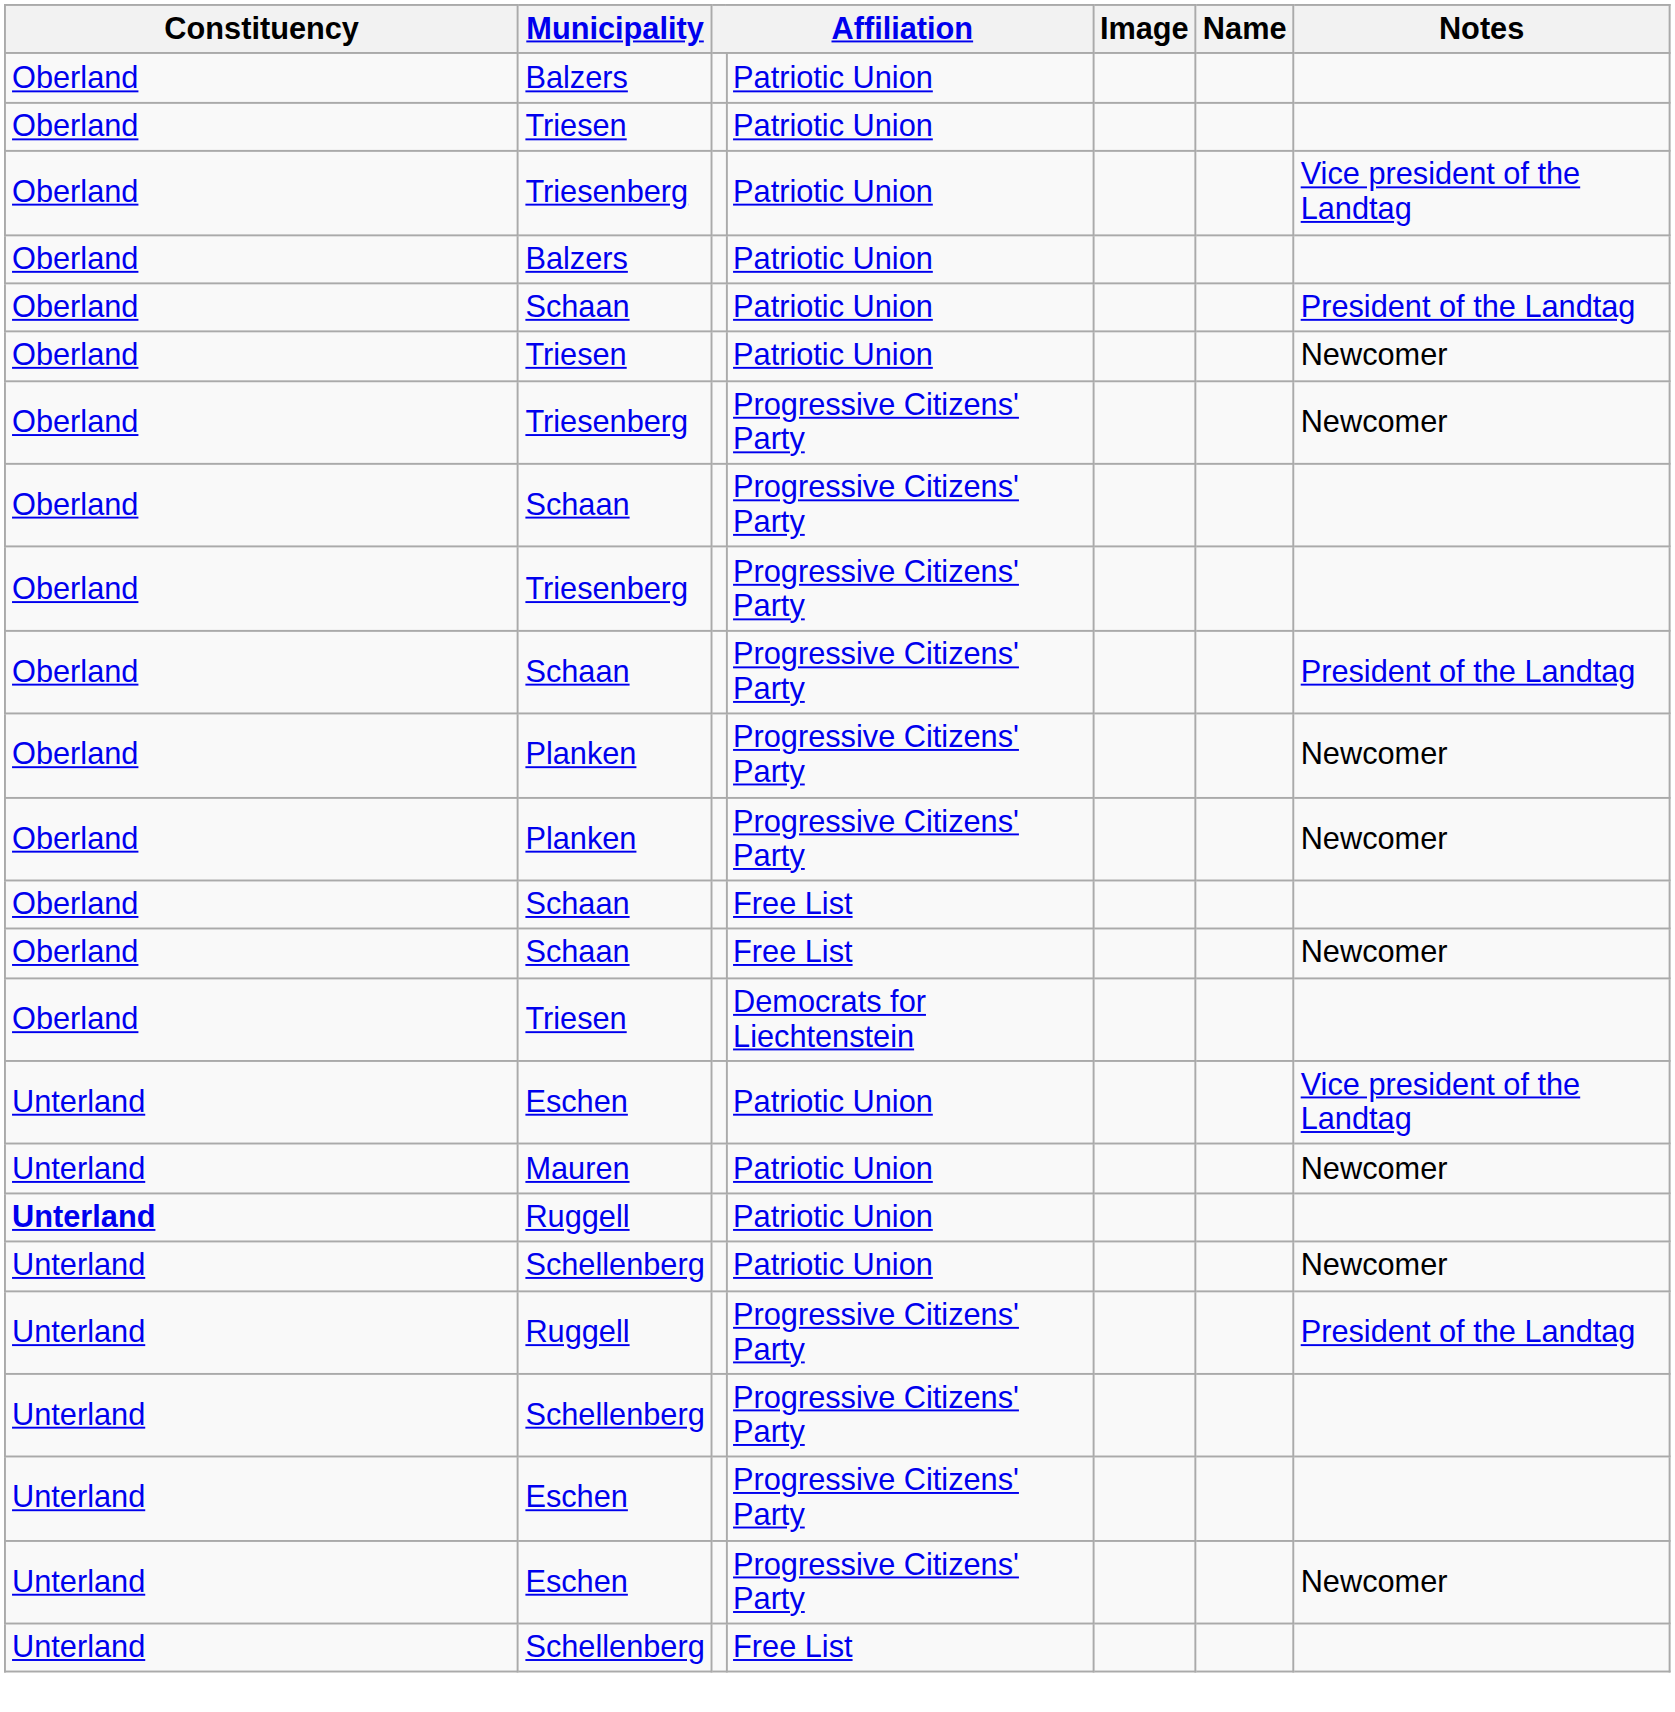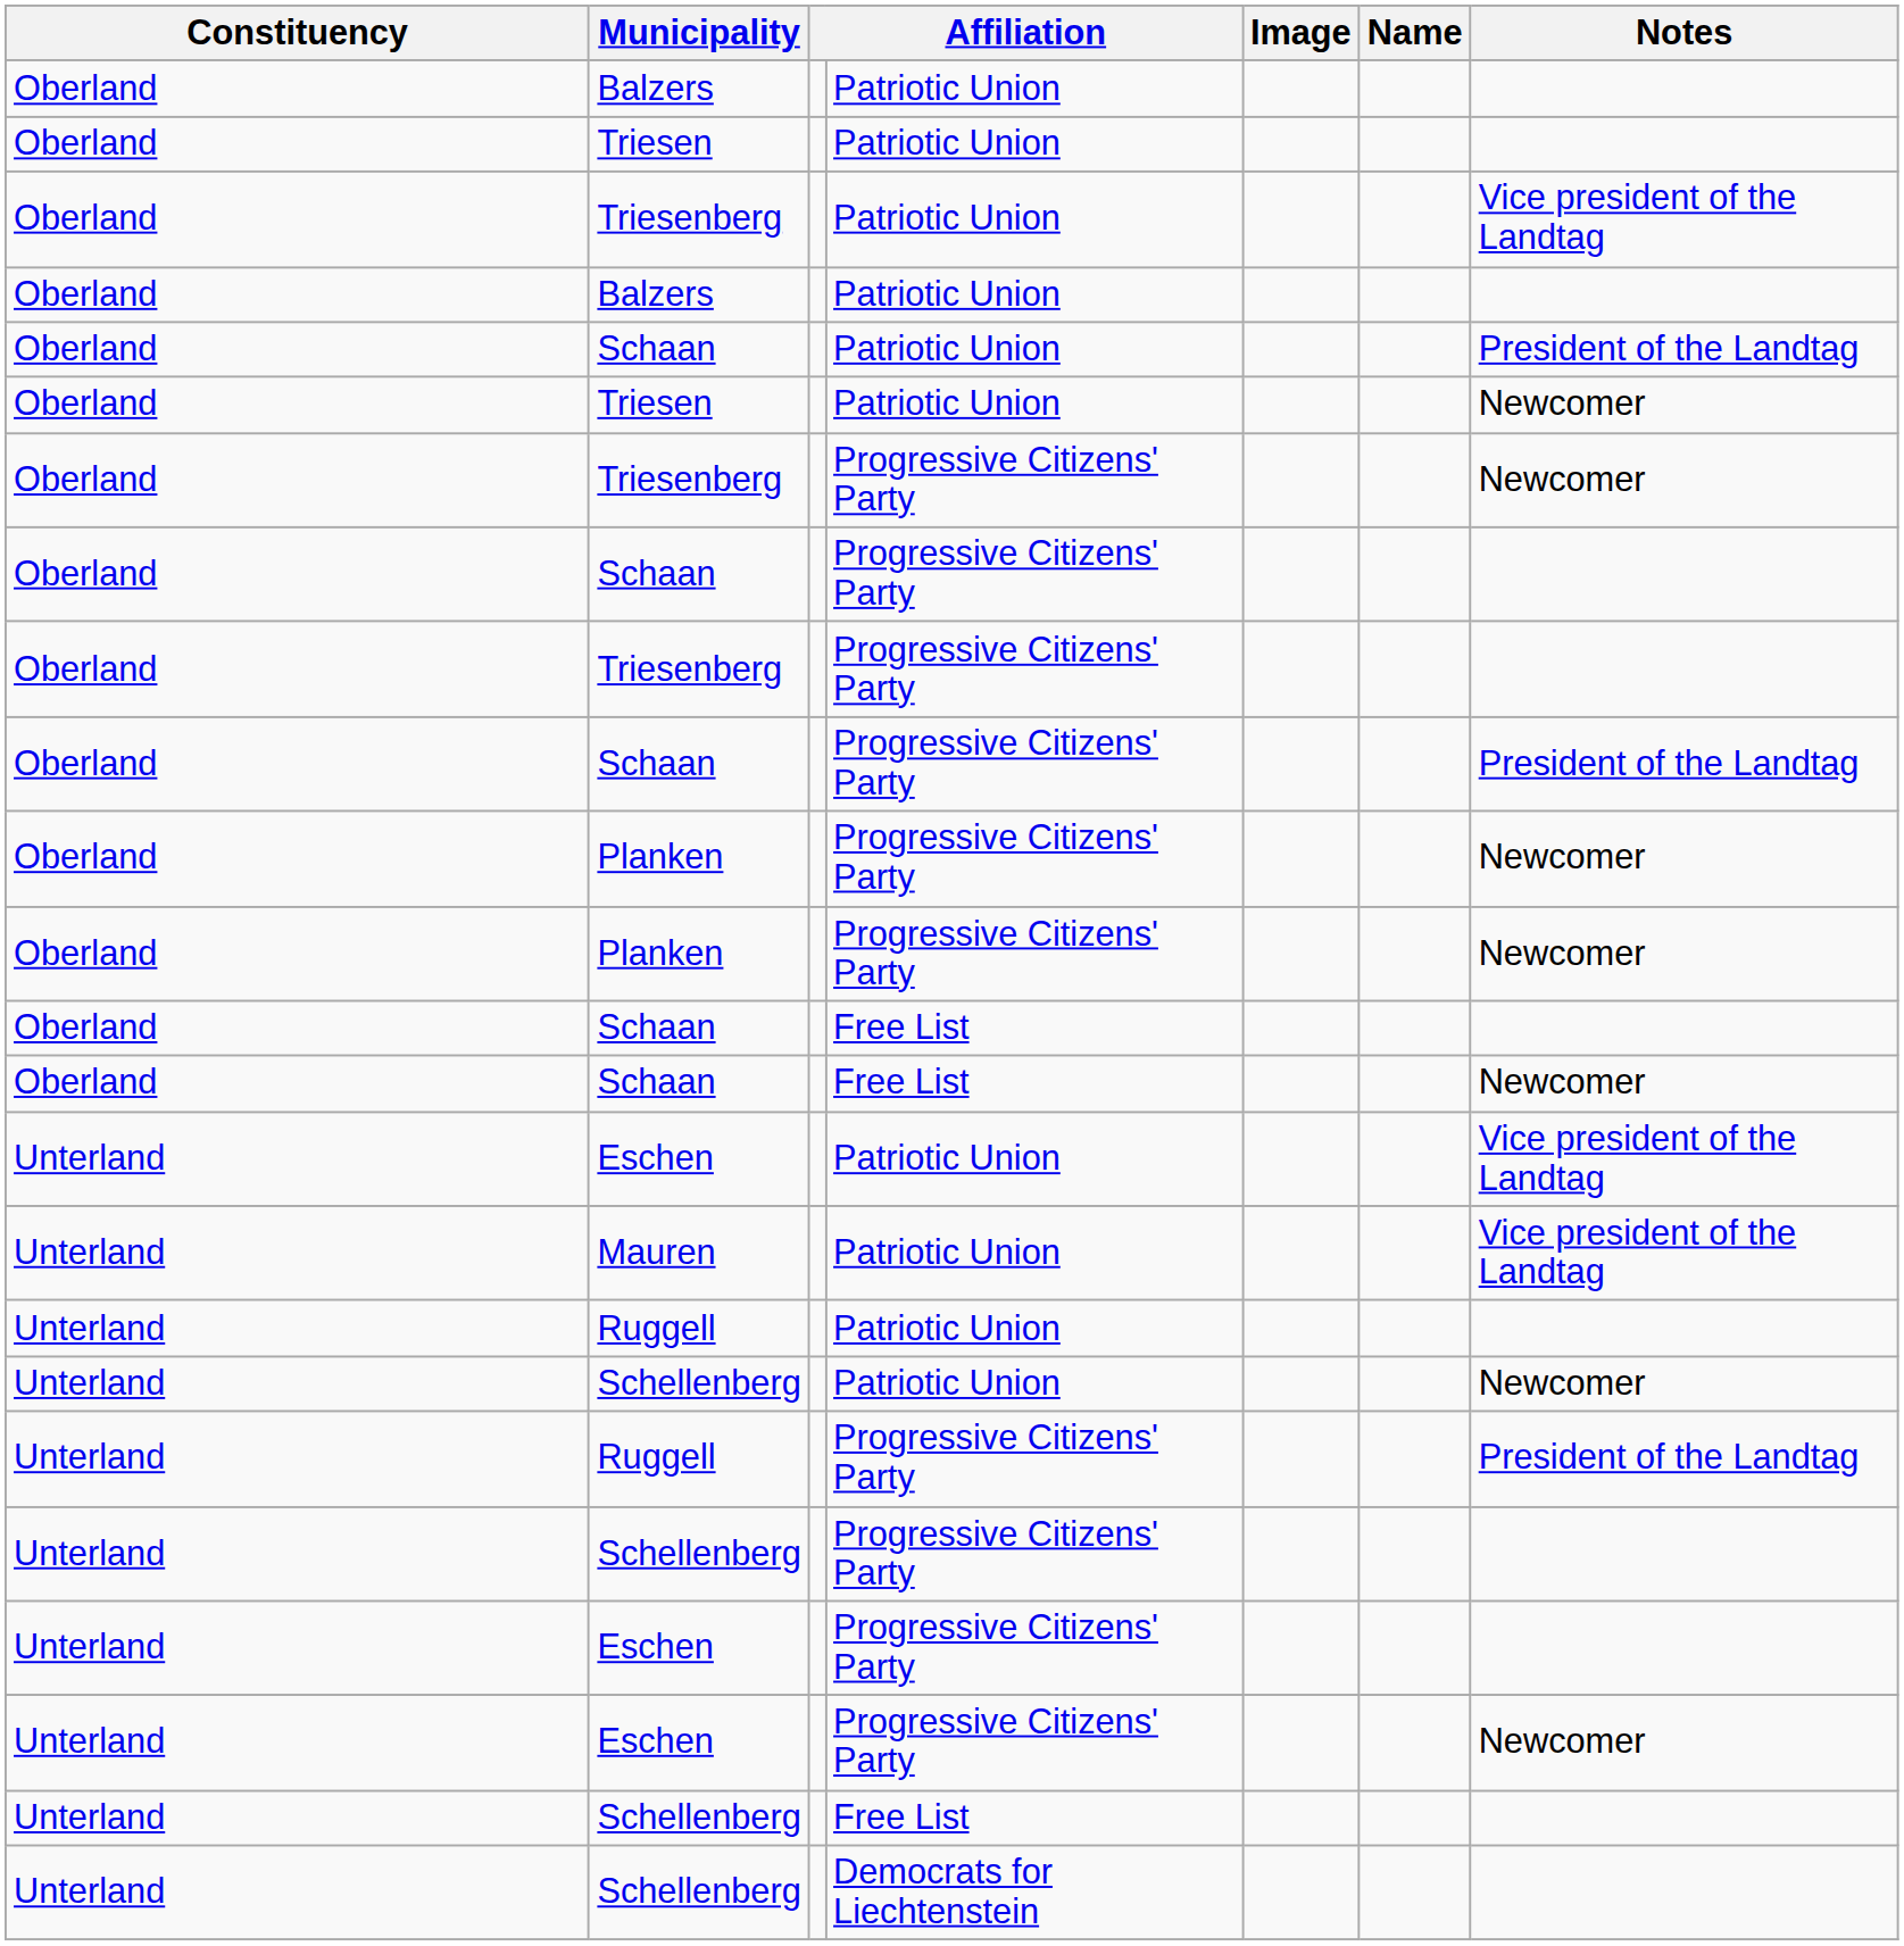 <table class="wikitable sortable" id="elected-mps">
 <tr>
 <th width="260px">Constituency</th>
 <th><a href='#'>Municipality</a></th>
 <th colspan="2"><a href='#'>Affiliation</a></th>
 <th>Image</th>
 <th>Name</th>
 <th>Notes</th>
 </tr>
 <tr>
 <td><a href='#'>Oberland</a></td>
 <td><a href='#'>Balzers</a></td>
 <td style="background-color: "></td>
 <td><a href='#'>Patriotic Union</a></td>
 <td></td>
 <td></td>
 <td></td>
 </tr>
 <tr>
 <td><a href='#'>Oberland</a></td>
 <td><a href='#'>Triesen</a></td>
 <td style="background-color: "></td>
 <td><a href='#'>Patriotic Union</a></td>
 <td></td>
 <td></td>
 <td></td>
 </tr>
 <tr>
 <td><a href='#'>Oberland</a></td>
 <td><a href='#'>Triesenberg</a></td>
 <td style="background-color: "></td>
 <td><a href='#'>Patriotic Union</a></td>
 <td></td>
 <td></td>
 <td><a href='#'>Vice president of the Landtag</a></td>
 </tr>
 <tr>
 <td><a href='#'>Oberland</a></td>
 <td><a href='#'>Balzers</a></td>
 <td style="background-color: "></td>
 <td><a href='#'>Patriotic Union</a></td>
 <td></td>
 <td></td>
 <td></td>
 </tr>
 <tr>
 <td><a href='#'>Oberland</a></td>
 <td><a href='#'>Schaan</a></td>
 <td style="background-color: "></td>
 <td><a href='#'>Patriotic Union</a></td>
 <td></td>
 <td></td>
 <td><a href='#'>President of the Landtag</a></td>
 </tr>
 <tr>
 <td><a href='#'>Oberland</a></td>
 <td><a href='#'>Triesen</a></td>
 <td style="background-color: "></td>
 <td><a href='#'>Patriotic Union</a></td>
 <td></td>
 <td></td>
 <td>Newcomer</td>
 </tr>
 <tr>
 <td><a href='#'>Oberland</a></td>
 <td><a href='#'>Triesenberg</a></td>
 <td style="background-color: "></td>
 <td><a href='#'>Progressive Citizens' Party</a></td>
 <td></td>
 <td></td>
 <td>Newcomer</td>
 </tr>
 <tr>
 <td><a href='#'>Oberland</a></td>
 <td><a href='#'>Schaan</a></td>
 <td style="background-color: "></td>
 <td><a href='#'>Progressive Citizens' Party</a></td>
 <td></td>
 <td></td>
 <td></td>
 </tr>
 <tr>
 <td><a href='#'>Oberland</a></td>
 <td><a href='#'>Triesenberg</a></td>
 <td style="background-color: "></td>
 <td><a href='#'>Progressive Citizens' Party</a></td>
 <td></td>
 <td></td>
 <td></td>
 </tr>
 <tr>
 <td><a href='#'>Oberland</a></td>
 <td><a href='#'>Schaan</a></td>
 <td style="background-color: "></td>
 <td><a href='#'>Progressive Citizens' Party</a></td>
 <td></td>
 <td></td>
 <td><a href='#'>President of the Landtag</a></td>
 </tr>
 <tr>
 <td><a href='#'>Oberland</a></td>
 <td><a href='#'>Planken</a></td>
 <td style="background-color: "></td>
 <td><a href='#'>Progressive Citizens' Party</a></td>
 <td></td>
 <td></td>
 <td>Newcomer</td>
 </tr>
 <tr>
 <td><a href='#'>Oberland</a></td>
 <td><a href='#'>Planken</a></td>
 <td style="background-color: "></td>
 <td><a href='#'>Progressive Citizens' Party</a></td>
 <td></td>
 <td></td>
 <td>Newcomer</td>
 </tr>
 <tr>
 <td><a href='#'>Oberland</a></td>
 <td><a href='#'>Schaan</a></td>
 <td style="background-color: "></td>
 <td><a href='#'>Free List</a></td>
 <td></td>
 <td></td>
 <td></td>
 </tr>
 <tr>
 <td><a href='#'>Oberland</a></td>
 <td><a href='#'>Schaan</a></td>
 <td style="background-color: "></td>
 <td><a href='#'>Free List</a></td>
 <td></td>
 <td></td>
 <td>Newcomer</td>
 </tr>
 <tr>
-<td><a href='#'>Oberland</a></td>
-<td><a href='#'>Triesen</a></td>
-<td style="background-color: "></td>
-<td><a href='#'>Democrats for Liechtenstein</a></td>
-<td></td>
-<td></td>
-<td></td>
-</tr>
-<tr>
 <td><a href='#'>Unterland</a></td>
 <td><a href='#'>Eschen</a></td>
 <td style="background-color: "></td>
 <td><a href='#'>Patriotic Union</a></td>
 <td></td>
 <td></td>
 <td><a href='#'>Vice president of the Landtag</a></td>
 </tr>
 <tr>
 <td><a href='#'>Unterland</a></td>
 <td><a href='#'>Mauren</a></td>
 <td style="background-color: "></td>
 <td><a href='#'>Patriotic Union</a></td>
 <td></td>
 <td></td>
-<td>Newcomer</td>
+<td><a href='#'>Vice president of the Landtag</a></td>
 </tr>
 <tr>
-<td><strong><a href='#'>Unterland</a></strong></td>
+<td><a href='#'>Unterland</a></td>
 <td><a href='#'>Ruggell</a></td>
 <td style="background-color: "></td>
 <td><a href='#'>Patriotic Union</a></td>
 <td></td>
 <td></td>
 <td></td>
 </tr>
 <tr>
 <td><a href='#'>Unterland</a></td>
 <td><a href='#'>Schellenberg</a></td>
 <td style="background-color: "></td>
 <td><a href='#'>Patriotic Union</a></td>
 <td></td>
 <td></td>
 <td>Newcomer</td>
 </tr>
 <tr>
 <td><a href='#'>Unterland</a></td>
 <td><a href='#'>Ruggell</a></td>
 <td style="background-color: "></td>
 <td><a href='#'>Progressive Citizens' Party</a></td>
 <td></td>
 <td></td>
 <td><a href='#'>President of the Landtag</a></td>
 </tr>
 <tr>
 <td><a href='#'>Unterland</a></td>
 <td><a href='#'>Schellenberg</a></td>
 <td style="background-color: "></td>
 <td><a href='#'>Progressive Citizens' Party</a></td>
 <td></td>
 <td></td>
 <td></td>
 </tr>
 <tr>
 <td><a href='#'>Unterland</a></td>
 <td><a href='#'>Eschen</a></td>
 <td style="background-color: "></td>
 <td><a href='#'>Progressive Citizens' Party</a></td>
 <td></td>
 <td></td>
 <td></td>
 </tr>
 <tr>
 <td><a href='#'>Unterland</a></td>
 <td><a href='#'>Eschen</a></td>
 <td style="background-color: "></td>
 <td><a href='#'>Progressive Citizens' Party</a></td>
 <td></td>
 <td></td>
 <td>Newcomer</td>
 </tr>
 <tr>
 <td><a href='#'>Unterland</a></td>
 <td><a href='#'>Schellenberg</a></td>
 <td style="background-color: "></td>
 <td><a href='#'>Free List</a></td>
 <td></td>
 <td></td>
 <td></td>
 </tr>
+<tr>
+<td><a href='#'>Unterland</a></td>
+<td><a href='#'>Schellenberg</a></td>
+<td style="background-color: "></td>
+<td><a href='#'>Democrats for Liechtenstein</a></td>
+<td></td>
+<td></td>
+<td></td>
+</tr>
 </table>
